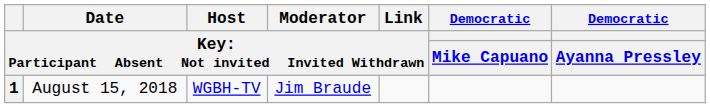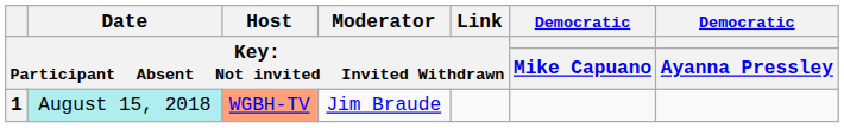 <table class="wikitable" style="text-align:center;">
 <tr>
 <th scope="col"></th>
 <th scope="col">Date</th>
 <th scope="col">Host</th>
 <th scope="col">Moderator</th>
 <th scope="col">Link</th>
 <th scope="col"><small><a href='#'>Democratic</a></small></th>
 <th scope="col"><small><a href='#'>Democratic</a></small></th>
 </tr>
 <tr>
 <th colspan="5" rowspan="2">Key:<br> <small>Participant </small>  <small>Absent </small>  <small>Not invited </small>  <small>Invited  Withdrawn</small></th>
 <th scope="col" style="background:"></th>
 <th scope="col" style="background:"></th>
 </tr>
 <tr>
 <th scope="col"><a href='#'>Mike Capuano</a></th>
 <th scope="col"><a href='#'>Ayanna Pressley</a></th>
 </tr>
 <tr>
 <th>1</th>
-<td style="white-space:nowrap;">August 15, 2018</td>
-<td style="white-space:nowrap;"><a href='#'>WGBH-TV</a></td>
+<td style="background: paleturquoise; white-space:nowrap;">August 15, 2018</td>
+<td style="background: lightsalmon; white-space:nowrap;"><a href='#'>WGBH-TV</a></td>
 <td style="white-space:nowrap;"><a href='#'>Jim Braude</a></td>
 <td style="white-space:nowrap;"></td>
 <td></td>
 <td></td>
 </tr>
 </table>
